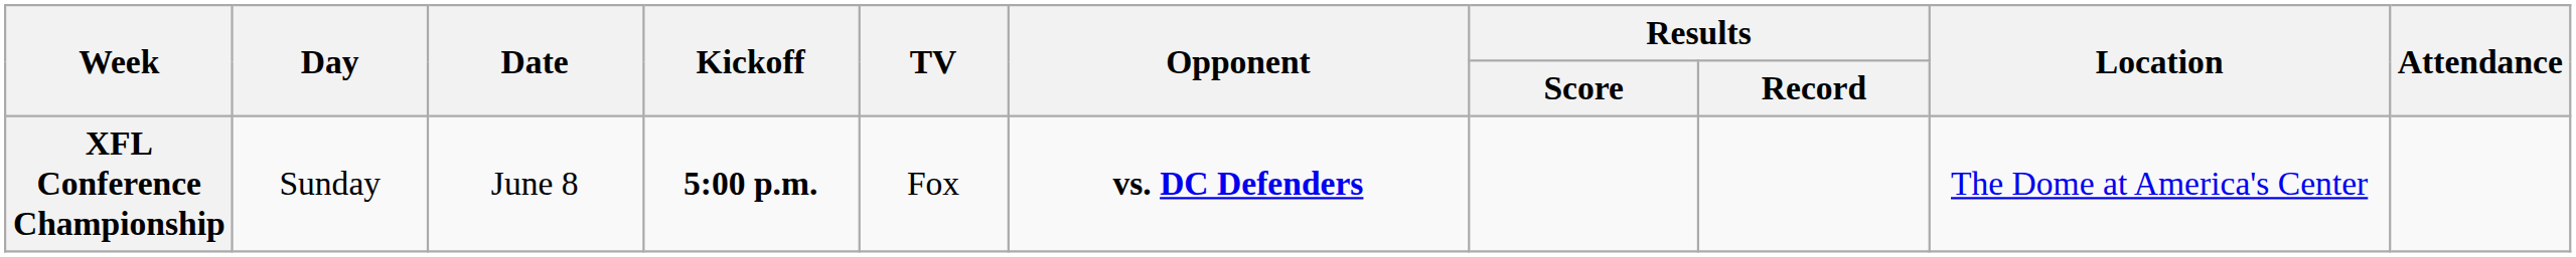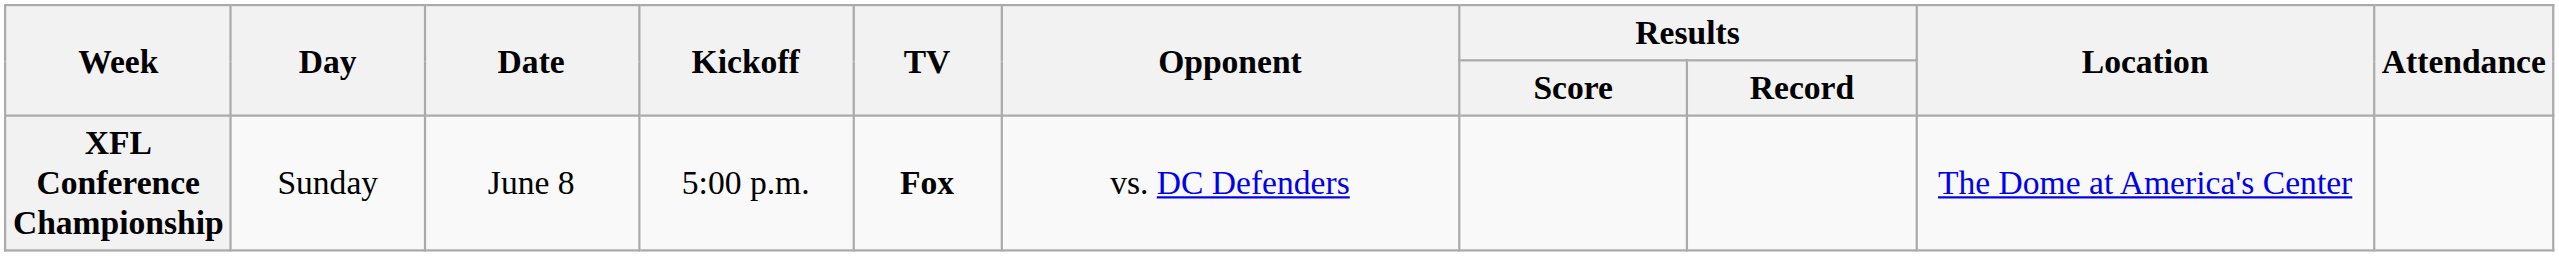 <table class="wikitable" style="text-align:center; font-size: 95%;">
 <tr>
 <th rowspan="2" width="40">Week</th>
 <th rowspan="2" width="80">Day</th>
 <th rowspan="2" width="90">Date</th>
 <th rowspan="2" width="90">Kickoff</th>
 <th rowspan="2" width="60">TV</th>
 <th rowspan="2" width="200">Opponent</th>
 <th colspan="2" width="200">Results</th>
 <th rowspan="2" width="200">Location</th>
 <th rowspan="2">Attendance</th>
 </tr>
 <tr>
 <th width="60">Score</th>
 <th width="60">Record</th>
 </tr>
 <tr style="background:#">
 <th>XFL Conference Championship</th>
 <td>Sunday</td>
 <td>June 8</td>
-<td><strong>5:00 p.m.</strong></td>
-<td>Fox</td>
-<td><strong>vs. <a href='#'>DC Defenders</a></strong></td>
+<td>5:00 p.m.</td>
+<td><strong>Fox</strong></td>
+<td>vs. <a href='#'>DC Defenders</a></td>
 <td></td>
 <td></td>
 <td><a href='#'>The Dome at America's Center</a></td>
 <td></td>
 </tr>
 </table>
